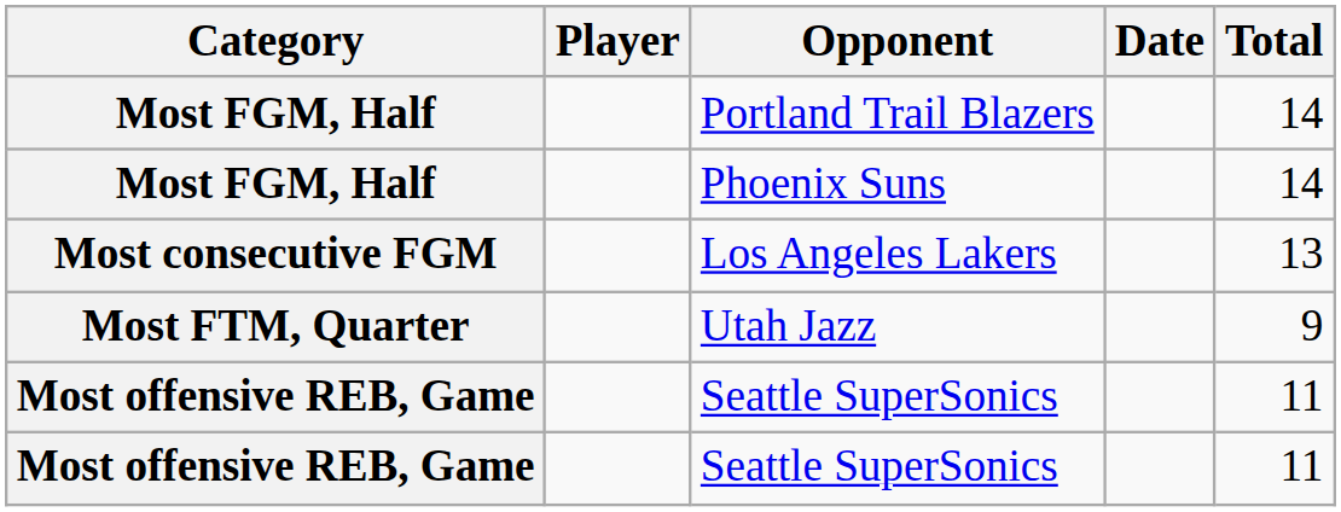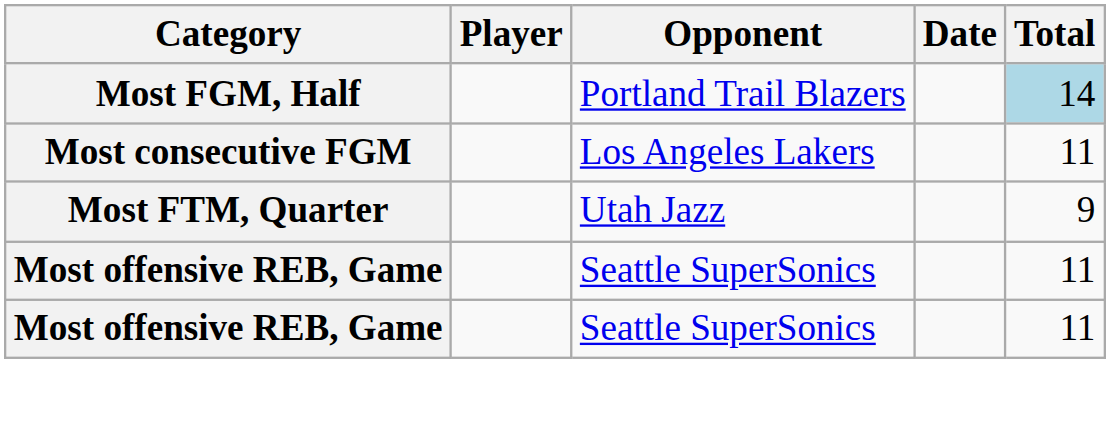 <table class="wikitable sortable">
 <tr>
 <th scope="col">Category</th>
 <th scope="col">Player</th>
 <th scope="col">Opponent</th>
 <th scope="col">Date</th>
 <th scope="col">Total</th>
 </tr>
 <tr>
 <th scope="row">Most FGM, Half</th>
 <td></td>
 <td><a href='#'>Portland Trail Blazers</a></td>
 <td style="text-align:right"></td>
-<td style="text-align:right">14</td>
-</tr>
-<tr>
-<th scope="row">Most FGM, Half</th>
-<td></td>
-<td><a href='#'>Phoenix Suns</a></td>
-<td style="text-align:right"></td>
-<td style="text-align:right">14</td>
+<td style="background: lightblue; text-align:right">14</td>
 </tr>
 <tr>
 <th scope="row">Most consecutive FGM</th>
 <td></td>
 <td><a href='#'>Los Angeles Lakers</a></td>
 <td style="text-align:right"></td>
-<td style="text-align:right">13</td>
+<td style="text-align:right">11</td>
 </tr>
 <tr>
 <th scope="row">Most FTM, Quarter</th>
 <td></td>
 <td><a href='#'>Utah Jazz</a></td>
 <td style="text-align:right"></td>
 <td style="text-align:right">9</td>
 </tr>
 <tr>
 <th scope="row">Most offensive REB, Game</th>
 <td></td>
 <td><a href='#'>Seattle SuperSonics</a></td>
 <td style="text-align:right"></td>
 <td style="text-align:right">11</td>
 </tr>
 <tr>
 <th scope="row">Most offensive REB, Game</th>
 <td></td>
 <td><a href='#'>Seattle SuperSonics</a></td>
 <td style="text-align:right"></td>
 <td style="text-align:right">11</td>
 </tr>
 </table>
